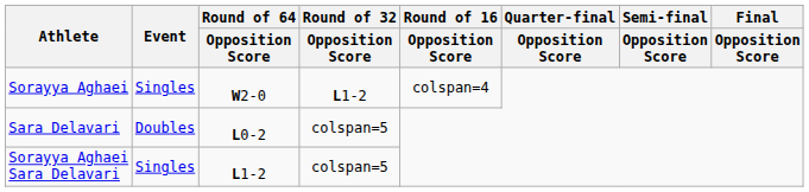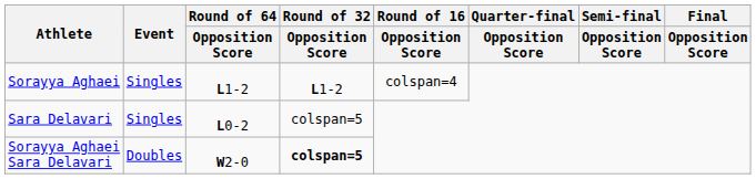 <table class=wikitable style="align:center; white-space:nowrap">
 <tr>
 <th rowspan=2>Athlete</th>
 <th rowspan=2>Event</th>
 <th>Round of 64</th>
 <th>Round of 32</th>
 <th>Round of 16</th>
 <th>Quarter-final</th>
 <th>Semi-final</th>
 <th>Final</th>
 </tr>
 <tr>
 <th>Opposition<br>Score</th>
 <th>Opposition<br>Score</th>
 <th>Opposition<br>Score</th>
 <th>Opposition<br>Score</th>
 <th>Opposition<br>Score</th>
 <th>Opposition<br>Score</th>
 </tr>
 <tr align=center>
 <td align-left><a href='#'>Sorayya Aghaei</a></td>
 <td align=left><a href='#'>Singles</a></td>
-<td><br><strong>W</strong>2-0</td>
+<td><br><strong>L</strong>1-2</td>
 <td><br><strong>L</strong>1-2</td>
 <td>colspan=4 </td>
 </tr>
 <tr align=center>
 <td align=left><a href='#'>Sara Delavari</a></td>
-<td align=left><a href='#'>Doubles</a></td>
+<td align=left><a href='#'>Singles</a></td>
 <td><br><strong>L</strong>0-2</td>
 <td>colspan=5 </td>
 </tr>
 <tr align=center>
 <td align=left><a href='#'>Sorayya Aghaei</a><br><a href='#'>Sara Delavari</a></td>
-<td align=left><a href='#'>Singles</a></td>
-<td><br><strong>L</strong>1-2</td>
-<td>colspan=5 </td>
+<td align=left><a href='#'>Doubles</a></td>
+<td><br><strong>W</strong>2-0</td>
+<td><strong>colspan=5 </strong></td>
 </tr>
 </table>
